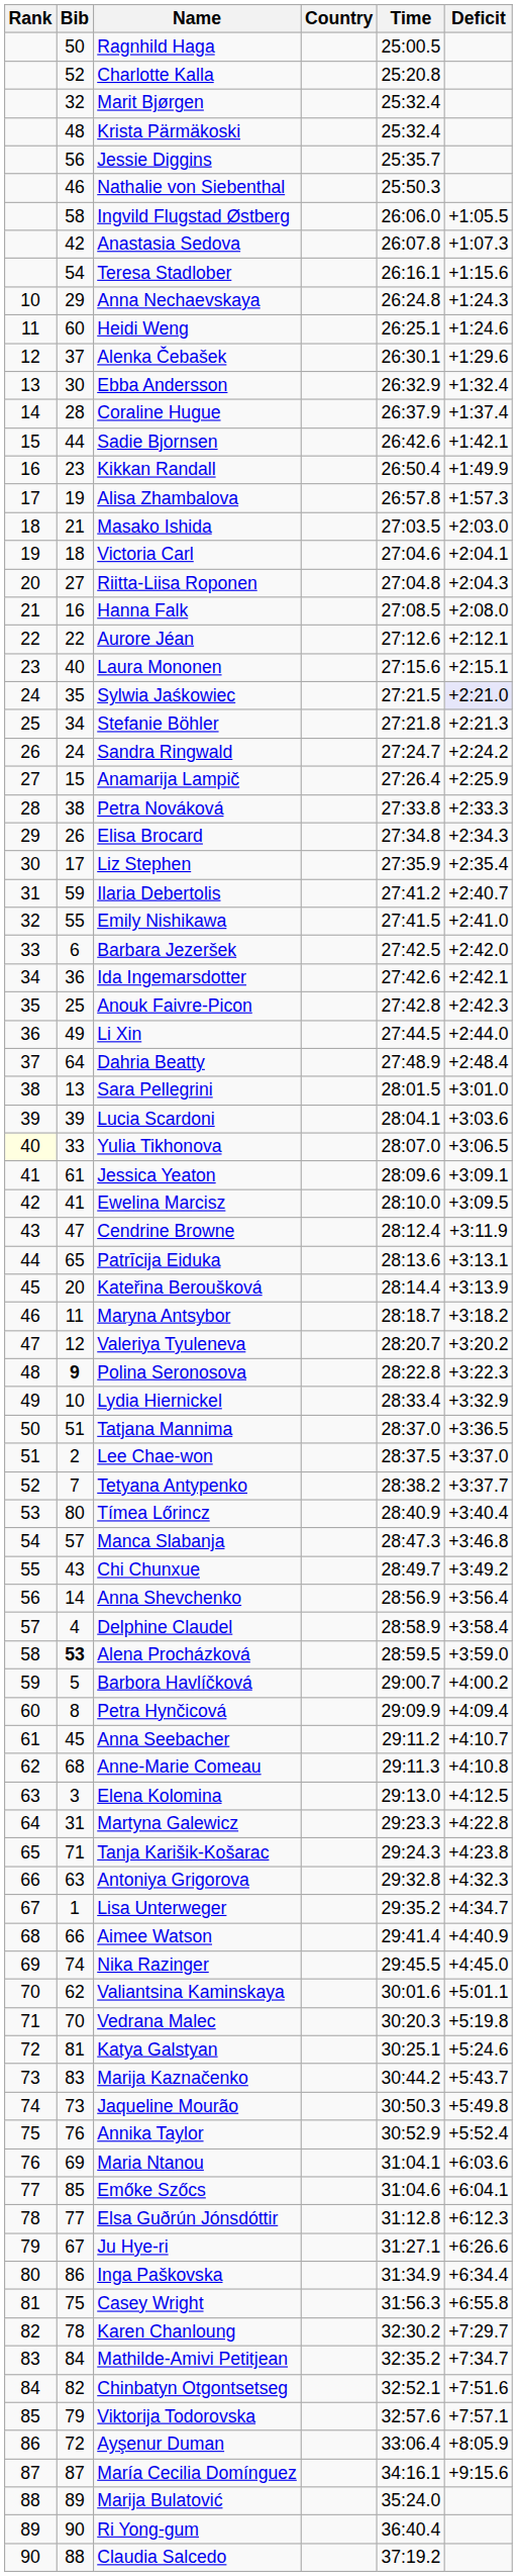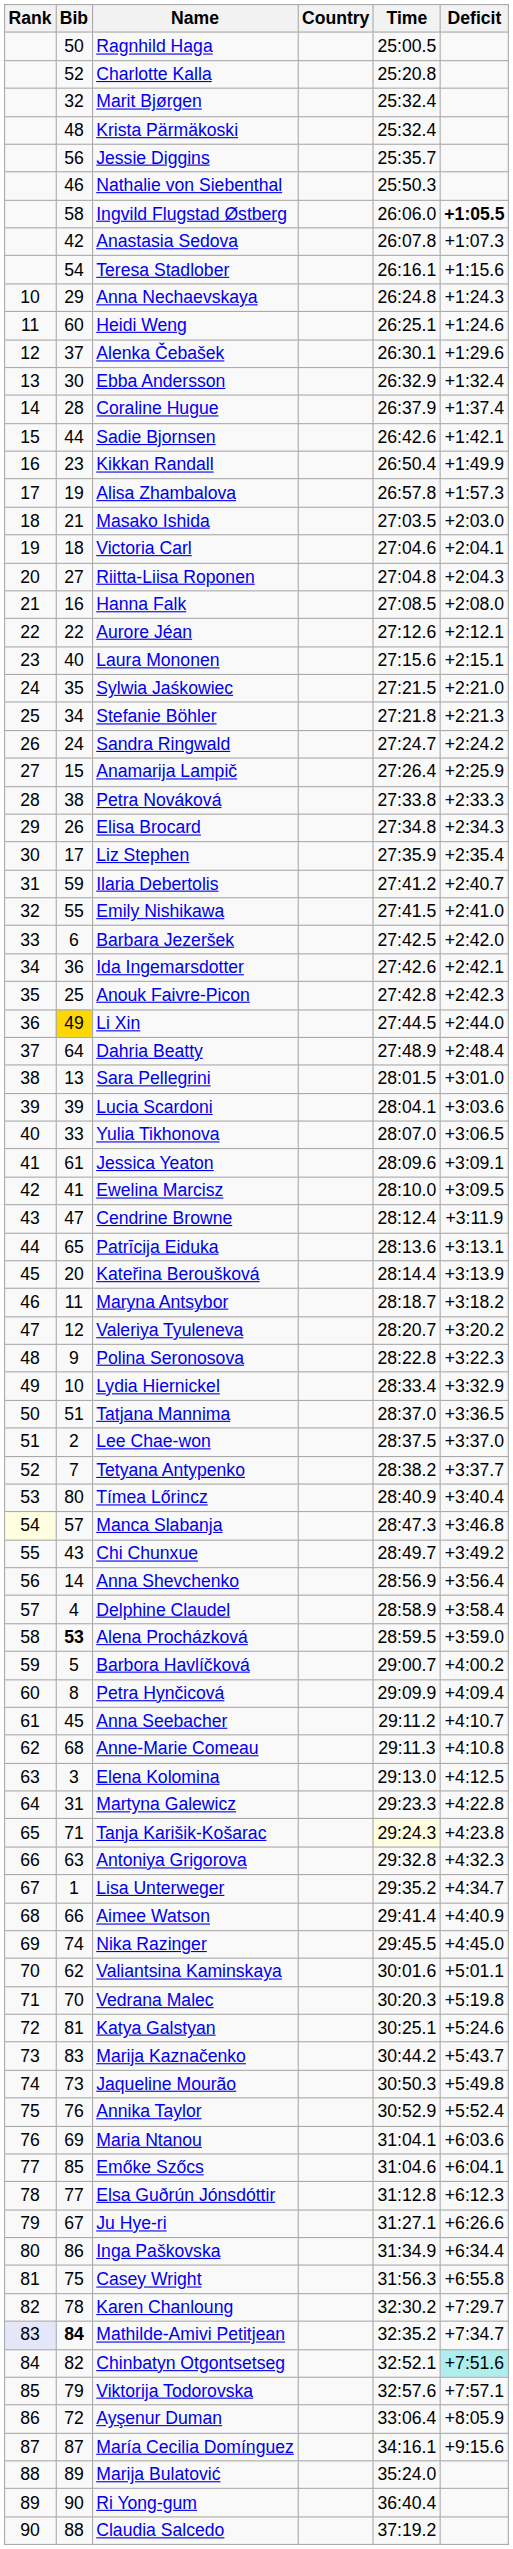 <table class="wikitable sortable" style="text-align:center">
 <tr>
 <th>Rank</th>
 <th>Bib</th>
 <th>Name</th>
 <th>Country</th>
 <th>Time</th>
 <th>Deficit</th>
 </tr>
 <tr>
 <td></td>
 <td>50</td>
 <td align="left"><a href='#'>Ragnhild Haga</a></td>
 <td align="left"></td>
 <td>25:00.5</td>
 <td></td>
 </tr>
 <tr>
 <td></td>
 <td>52</td>
 <td align="left"><a href='#'>Charlotte Kalla</a></td>
 <td align="left"></td>
 <td>25:20.8</td>
 <td></td>
 </tr>
 <tr>
 <td></td>
 <td>32</td>
 <td align="left"><a href='#'>Marit Bjørgen</a></td>
 <td align="left"></td>
 <td>25:32.4</td>
 <td></td>
 </tr>
 <tr>
 <td></td>
 <td>48</td>
 <td align="left"><a href='#'>Krista Pärmäkoski</a></td>
 <td align="left"></td>
 <td>25:32.4</td>
 <td></td>
 </tr>
 <tr>
 <td></td>
 <td>56</td>
 <td align="left"><a href='#'>Jessie Diggins</a></td>
 <td align="left"></td>
 <td>25:35.7</td>
 <td></td>
 </tr>
 <tr>
 <td></td>
 <td>46</td>
 <td align="left"><a href='#'>Nathalie von Siebenthal</a></td>
 <td align="left"></td>
 <td>25:50.3</td>
 <td></td>
 </tr>
 <tr>
 <td></td>
 <td>58</td>
 <td align="left"><a href='#'>Ingvild Flugstad Østberg</a></td>
 <td align="left"></td>
 <td>26:06.0</td>
-<td>+1:05.5</td>
+<td><strong>+1:05.5</strong></td>
 </tr>
 <tr>
 <td></td>
 <td>42</td>
 <td align="left"><a href='#'>Anastasia Sedova</a></td>
 <td align="left"></td>
 <td>26:07.8</td>
 <td>+1:07.3</td>
 </tr>
 <tr>
 <td></td>
 <td>54</td>
 <td align="left"><a href='#'>Teresa Stadlober</a></td>
 <td align="left"></td>
 <td>26:16.1</td>
 <td>+1:15.6</td>
 </tr>
 <tr>
 <td>10</td>
 <td>29</td>
 <td align="left"><a href='#'>Anna Nechaevskaya</a></td>
 <td align="left"></td>
 <td>26:24.8</td>
 <td>+1:24.3</td>
 </tr>
 <tr>
 <td>11</td>
 <td>60</td>
 <td align="left"><a href='#'>Heidi Weng</a></td>
 <td align="left"></td>
 <td>26:25.1</td>
 <td>+1:24.6</td>
 </tr>
 <tr>
 <td>12</td>
 <td>37</td>
 <td align="left"><a href='#'>Alenka Čebašek</a></td>
 <td align="left"></td>
 <td>26:30.1</td>
 <td>+1:29.6</td>
 </tr>
 <tr>
 <td>13</td>
 <td>30</td>
 <td align="left"><a href='#'>Ebba Andersson</a></td>
 <td align="left"></td>
 <td>26:32.9</td>
 <td>+1:32.4</td>
 </tr>
 <tr>
 <td>14</td>
 <td>28</td>
 <td align="left"><a href='#'>Coraline Hugue</a></td>
 <td align="left"></td>
 <td>26:37.9</td>
 <td>+1:37.4</td>
 </tr>
 <tr>
 <td>15</td>
 <td>44</td>
 <td align="left"><a href='#'>Sadie Bjornsen</a></td>
 <td align="left"></td>
 <td>26:42.6</td>
 <td>+1:42.1</td>
 </tr>
 <tr>
 <td>16</td>
 <td>23</td>
 <td align="left"><a href='#'>Kikkan Randall</a></td>
 <td align="left"></td>
 <td>26:50.4</td>
 <td>+1:49.9</td>
 </tr>
 <tr>
 <td>17</td>
 <td>19</td>
 <td align="left"><a href='#'>Alisa Zhambalova</a></td>
 <td align="left"></td>
 <td>26:57.8</td>
 <td>+1:57.3</td>
 </tr>
 <tr>
 <td>18</td>
 <td>21</td>
 <td align="left"><a href='#'>Masako Ishida</a></td>
 <td align="left"></td>
 <td>27:03.5</td>
 <td>+2:03.0</td>
 </tr>
 <tr>
 <td>19</td>
 <td>18</td>
 <td align="left"><a href='#'>Victoria Carl</a></td>
 <td align="left"></td>
 <td>27:04.6</td>
 <td>+2:04.1</td>
 </tr>
 <tr>
 <td>20</td>
 <td>27</td>
 <td align="left"><a href='#'>Riitta-Liisa Roponen</a></td>
 <td align="left"></td>
 <td>27:04.8</td>
 <td>+2:04.3</td>
 </tr>
 <tr>
 <td>21</td>
 <td>16</td>
 <td align="left"><a href='#'>Hanna Falk</a></td>
 <td align="left"></td>
 <td>27:08.5</td>
 <td>+2:08.0</td>
 </tr>
 <tr>
 <td>22</td>
 <td>22</td>
 <td align="left"><a href='#'>Aurore Jéan</a></td>
 <td align="left"></td>
 <td>27:12.6</td>
 <td>+2:12.1</td>
 </tr>
 <tr>
 <td>23</td>
 <td>40</td>
 <td align="left"><a href='#'>Laura Mononen</a></td>
 <td align="left"></td>
 <td>27:15.6</td>
 <td>+2:15.1</td>
 </tr>
 <tr>
 <td>24</td>
 <td>35</td>
 <td align="left"><a href='#'>Sylwia Jaśkowiec</a></td>
 <td align="left"></td>
 <td>27:21.5</td>
-<td style="background: lavender;">+2:21.0</td>
+<td>+2:21.0</td>
 </tr>
 <tr>
 <td>25</td>
 <td>34</td>
 <td align="left"><a href='#'>Stefanie Böhler</a></td>
 <td align="left"></td>
 <td>27:21.8</td>
 <td>+2:21.3</td>
 </tr>
 <tr>
 <td>26</td>
 <td>24</td>
 <td align="left"><a href='#'>Sandra Ringwald</a></td>
 <td align="left"></td>
 <td>27:24.7</td>
 <td>+2:24.2</td>
 </tr>
 <tr>
 <td>27</td>
 <td>15</td>
 <td align="left"><a href='#'>Anamarija Lampič</a></td>
 <td align="left"></td>
 <td>27:26.4</td>
 <td>+2:25.9</td>
 </tr>
 <tr>
 <td>28</td>
 <td>38</td>
 <td align="left"><a href='#'>Petra Nováková</a></td>
 <td align="left"></td>
 <td>27:33.8</td>
 <td>+2:33.3</td>
 </tr>
 <tr>
 <td>29</td>
 <td>26</td>
 <td align="left"><a href='#'>Elisa Brocard</a></td>
 <td align="left"></td>
 <td>27:34.8</td>
 <td>+2:34.3</td>
 </tr>
 <tr>
 <td>30</td>
 <td>17</td>
 <td align="left"><a href='#'>Liz Stephen</a></td>
 <td align="left"></td>
 <td>27:35.9</td>
 <td>+2:35.4</td>
 </tr>
 <tr>
 <td>31</td>
 <td>59</td>
 <td align="left"><a href='#'>Ilaria Debertolis</a></td>
 <td align="left"></td>
 <td>27:41.2</td>
 <td>+2:40.7</td>
 </tr>
 <tr>
 <td>32</td>
 <td>55</td>
 <td align="left"><a href='#'>Emily Nishikawa</a></td>
 <td align="left"></td>
 <td>27:41.5</td>
 <td>+2:41.0</td>
 </tr>
 <tr>
 <td>33</td>
 <td>6</td>
 <td align="left"><a href='#'>Barbara Jezeršek</a></td>
 <td align="left"></td>
 <td>27:42.5</td>
 <td>+2:42.0</td>
 </tr>
 <tr>
 <td>34</td>
 <td>36</td>
 <td align="left"><a href='#'>Ida Ingemarsdotter</a></td>
 <td align="left"></td>
 <td>27:42.6</td>
 <td>+2:42.1</td>
 </tr>
 <tr>
 <td>35</td>
 <td>25</td>
 <td align="left"><a href='#'>Anouk Faivre-Picon</a></td>
 <td align="left"></td>
 <td>27:42.8</td>
 <td>+2:42.3</td>
 </tr>
 <tr>
 <td>36</td>
-<td>49</td>
+<td style="background: gold;">49</td>
 <td align="left"><a href='#'>Li Xin</a></td>
 <td align="left"></td>
 <td>27:44.5</td>
 <td>+2:44.0</td>
 </tr>
 <tr>
 <td>37</td>
 <td>64</td>
 <td align="left"><a href='#'>Dahria Beatty</a></td>
 <td align="left"></td>
 <td>27:48.9</td>
 <td>+2:48.4</td>
 </tr>
 <tr>
 <td>38</td>
 <td>13</td>
 <td align="left"><a href='#'>Sara Pellegrini</a></td>
 <td align="left"></td>
 <td>28:01.5</td>
 <td>+3:01.0</td>
 </tr>
 <tr>
 <td>39</td>
 <td>39</td>
 <td align="left"><a href='#'>Lucia Scardoni</a></td>
 <td align="left"></td>
 <td>28:04.1</td>
 <td>+3:03.6</td>
 </tr>
 <tr>
-<td style="background: lightyellow;">40</td>
+<td>40</td>
 <td>33</td>
 <td align="left"><a href='#'>Yulia Tikhonova</a></td>
 <td align="left"></td>
 <td>28:07.0</td>
 <td>+3:06.5</td>
 </tr>
 <tr>
 <td>41</td>
 <td>61</td>
 <td align="left"><a href='#'>Jessica Yeaton</a></td>
 <td align="left"></td>
 <td>28:09.6</td>
 <td>+3:09.1</td>
 </tr>
 <tr>
 <td>42</td>
 <td>41</td>
 <td align="left"><a href='#'>Ewelina Marcisz</a></td>
 <td align="left"></td>
 <td>28:10.0</td>
 <td>+3:09.5</td>
 </tr>
 <tr>
 <td>43</td>
 <td>47</td>
 <td align="left"><a href='#'>Cendrine Browne</a></td>
 <td align="left"></td>
 <td>28:12.4</td>
 <td>+3:11.9</td>
 </tr>
 <tr>
 <td>44</td>
 <td>65</td>
 <td align="left"><a href='#'>Patrīcija Eiduka</a></td>
 <td align="left"></td>
 <td>28:13.6</td>
 <td>+3:13.1</td>
 </tr>
 <tr>
 <td>45</td>
 <td>20</td>
 <td align="left"><a href='#'>Kateřina Beroušková</a></td>
 <td align="left"></td>
 <td>28:14.4</td>
 <td>+3:13.9</td>
 </tr>
 <tr>
 <td>46</td>
 <td>11</td>
 <td align="left"><a href='#'>Maryna Antsybor</a></td>
 <td align="left"></td>
 <td>28:18.7</td>
 <td>+3:18.2</td>
 </tr>
 <tr>
 <td>47</td>
 <td>12</td>
 <td align="left"><a href='#'>Valeriya Tyuleneva</a></td>
 <td align="left"></td>
 <td>28:20.7</td>
 <td>+3:20.2</td>
 </tr>
 <tr>
 <td>48</td>
-<td><strong>9</strong></td>
+<td>9</td>
 <td align="left"><a href='#'>Polina Seronosova</a></td>
 <td align="left"></td>
 <td>28:22.8</td>
 <td>+3:22.3</td>
 </tr>
 <tr>
 <td>49</td>
 <td>10</td>
 <td align="left"><a href='#'>Lydia Hiernickel</a></td>
 <td align="left"></td>
 <td>28:33.4</td>
 <td>+3:32.9</td>
 </tr>
 <tr>
 <td>50</td>
 <td>51</td>
 <td align="left"><a href='#'>Tatjana Mannima</a></td>
 <td align="left"></td>
 <td>28:37.0</td>
 <td>+3:36.5</td>
 </tr>
 <tr>
 <td>51</td>
 <td>2</td>
 <td align="left"><a href='#'>Lee Chae-won</a></td>
 <td align="left"></td>
 <td>28:37.5</td>
 <td>+3:37.0</td>
 </tr>
 <tr>
 <td>52</td>
 <td>7</td>
 <td align="left"><a href='#'>Tetyana Antypenko</a></td>
 <td align="left"></td>
 <td>28:38.2</td>
 <td>+3:37.7</td>
 </tr>
 <tr>
 <td>53</td>
 <td>80</td>
 <td align="left"><a href='#'>Tímea Lőrincz</a></td>
 <td align="left"></td>
 <td>28:40.9</td>
 <td>+3:40.4</td>
 </tr>
 <tr>
-<td>54</td>
+<td style="background: lightyellow;">54</td>
 <td>57</td>
 <td align="left"><a href='#'>Manca Slabanja</a></td>
 <td align="left"></td>
 <td>28:47.3</td>
 <td>+3:46.8</td>
 </tr>
 <tr>
 <td>55</td>
 <td>43</td>
 <td align="left"><a href='#'>Chi Chunxue</a></td>
 <td align="left"></td>
 <td>28:49.7</td>
 <td>+3:49.2</td>
 </tr>
 <tr>
 <td>56</td>
 <td>14</td>
 <td align="left"><a href='#'>Anna Shevchenko</a></td>
 <td align="left"></td>
 <td>28:56.9</td>
 <td>+3:56.4</td>
 </tr>
 <tr>
 <td>57</td>
 <td>4</td>
 <td align="left"><a href='#'>Delphine Claudel</a></td>
 <td align="left"></td>
 <td>28:58.9</td>
 <td>+3:58.4</td>
 </tr>
 <tr>
 <td>58</td>
 <td><strong>53</strong></td>
 <td align="left"><a href='#'>Alena Procházková</a></td>
 <td align="left"></td>
 <td>28:59.5</td>
 <td>+3:59.0</td>
 </tr>
 <tr>
 <td>59</td>
 <td>5</td>
 <td align="left"><a href='#'>Barbora Havlíčková</a></td>
 <td align="left"></td>
 <td>29:00.7</td>
 <td>+4:00.2</td>
 </tr>
 <tr>
 <td>60</td>
 <td>8</td>
 <td align="left"><a href='#'>Petra Hynčicová</a></td>
 <td align="left"></td>
 <td>29:09.9</td>
 <td>+4:09.4</td>
 </tr>
 <tr>
 <td>61</td>
 <td>45</td>
 <td align="left"><a href='#'>Anna Seebacher</a></td>
 <td align="left"></td>
 <td>29:11.2</td>
 <td>+4:10.7</td>
 </tr>
 <tr>
 <td>62</td>
 <td>68</td>
 <td align="left"><a href='#'>Anne-Marie Comeau</a></td>
 <td align="left"></td>
 <td>29:11.3</td>
 <td>+4:10.8</td>
 </tr>
 <tr>
 <td>63</td>
 <td>3</td>
 <td align="left"><a href='#'>Elena Kolomina</a></td>
 <td align="left"></td>
 <td>29:13.0</td>
 <td>+4:12.5</td>
 </tr>
 <tr>
 <td>64</td>
 <td>31</td>
 <td align="left"><a href='#'>Martyna Galewicz</a></td>
 <td align="left"></td>
 <td>29:23.3</td>
 <td>+4:22.8</td>
 </tr>
 <tr>
 <td>65</td>
 <td>71</td>
 <td align="left"><a href='#'>Tanja Karišik-Košarac</a></td>
 <td align="left"></td>
-<td>29:24.3</td>
+<td style="background: lightyellow;">29:24.3</td>
 <td>+4:23.8</td>
 </tr>
 <tr>
 <td>66</td>
 <td>63</td>
 <td align="left"><a href='#'>Antoniya Grigorova</a></td>
 <td align="left"></td>
 <td>29:32.8</td>
 <td>+4:32.3</td>
 </tr>
 <tr>
 <td>67</td>
 <td>1</td>
 <td align="left"><a href='#'>Lisa Unterweger</a></td>
 <td align="left"></td>
 <td>29:35.2</td>
 <td>+4:34.7</td>
 </tr>
 <tr>
 <td>68</td>
 <td>66</td>
 <td align="left"><a href='#'>Aimee Watson</a></td>
 <td align="left"></td>
 <td>29:41.4</td>
 <td>+4:40.9</td>
 </tr>
 <tr>
 <td>69</td>
 <td>74</td>
 <td align="left"><a href='#'>Nika Razinger</a></td>
 <td align="left"></td>
 <td>29:45.5</td>
 <td>+4:45.0</td>
 </tr>
 <tr>
 <td>70</td>
 <td>62</td>
 <td align="left"><a href='#'>Valiantsina Kaminskaya</a></td>
 <td align="left"></td>
 <td>30:01.6</td>
 <td>+5:01.1</td>
 </tr>
 <tr>
 <td>71</td>
 <td>70</td>
 <td align="left"><a href='#'>Vedrana Malec</a></td>
 <td align="left"></td>
 <td>30:20.3</td>
 <td>+5:19.8</td>
 </tr>
 <tr>
 <td>72</td>
 <td>81</td>
 <td align="left"><a href='#'>Katya Galstyan</a></td>
 <td align="left"></td>
 <td>30:25.1</td>
 <td>+5:24.6</td>
 </tr>
 <tr>
 <td>73</td>
 <td>83</td>
 <td align="left"><a href='#'>Marija Kaznačenko</a></td>
 <td align="left"></td>
 <td>30:44.2</td>
 <td>+5:43.7</td>
 </tr>
 <tr>
 <td>74</td>
 <td>73</td>
 <td align="left"><a href='#'>Jaqueline Mourão</a></td>
 <td align="left"></td>
 <td>30:50.3</td>
 <td>+5:49.8</td>
 </tr>
 <tr>
 <td>75</td>
 <td>76</td>
 <td align="left"><a href='#'>Annika Taylor</a></td>
 <td align="left"></td>
 <td>30:52.9</td>
 <td>+5:52.4</td>
 </tr>
 <tr>
 <td>76</td>
 <td>69</td>
 <td align="left"><a href='#'>Maria Ntanou</a></td>
 <td align="left"></td>
 <td>31:04.1</td>
 <td>+6:03.6</td>
 </tr>
 <tr>
 <td>77</td>
 <td>85</td>
 <td align="left"><a href='#'>Emőke Szőcs</a></td>
 <td align="left"></td>
 <td>31:04.6</td>
 <td>+6:04.1</td>
 </tr>
 <tr>
 <td>78</td>
 <td>77</td>
 <td align="left"><a href='#'>Elsa Guðrún Jónsdóttir</a></td>
 <td align="left"></td>
 <td>31:12.8</td>
 <td>+6:12.3</td>
 </tr>
 <tr>
 <td>79</td>
 <td>67</td>
 <td align="left"><a href='#'>Ju Hye-ri</a></td>
 <td align="left"></td>
 <td>31:27.1</td>
 <td>+6:26.6</td>
 </tr>
 <tr>
 <td>80</td>
 <td>86</td>
 <td align="left"><a href='#'>Inga Paškovska</a></td>
 <td align="left"></td>
 <td>31:34.9</td>
 <td>+6:34.4</td>
 </tr>
 <tr>
 <td>81</td>
 <td>75</td>
 <td align="left"><a href='#'>Casey Wright</a></td>
 <td align="left"></td>
 <td>31:56.3</td>
 <td>+6:55.8</td>
 </tr>
 <tr>
 <td>82</td>
 <td>78</td>
 <td align="left"><a href='#'>Karen Chanloung</a></td>
 <td align="left"></td>
 <td>32:30.2</td>
 <td>+7:29.7</td>
 </tr>
 <tr>
-<td>83</td>
-<td>84</td>
+<td style="background: lavender;">83</td>
+<td><strong>84</strong></td>
 <td align="left"><a href='#'>Mathilde-Amivi Petitjean</a></td>
 <td align="left"></td>
 <td>32:35.2</td>
 <td>+7:34.7</td>
 </tr>
 <tr>
 <td>84</td>
 <td>82</td>
 <td align="left"><a href='#'>Chinbatyn Otgontsetseg</a></td>
 <td align="left"></td>
 <td>32:52.1</td>
-<td>+7:51.6</td>
+<td style="background: paleturquoise;">+7:51.6</td>
 </tr>
 <tr>
 <td>85</td>
 <td>79</td>
 <td align="left"><a href='#'>Viktorija Todorovska</a></td>
 <td align="left"></td>
 <td>32:57.6</td>
 <td>+7:57.1</td>
 </tr>
 <tr>
 <td>86</td>
 <td>72</td>
 <td align="left"><a href='#'>Ayşenur Duman</a></td>
 <td align="left"></td>
 <td>33:06.4</td>
 <td>+8:05.9</td>
 </tr>
 <tr>
 <td>87</td>
 <td>87</td>
 <td align="left"><a href='#'>María Cecilia Domínguez</a></td>
 <td align="left"></td>
 <td>34:16.1</td>
 <td>+9:15.6</td>
 </tr>
 <tr>
 <td>88</td>
 <td>89</td>
 <td align="left"><a href='#'>Marija Bulatović</a></td>
 <td align="left"></td>
 <td>35:24.0</td>
 <td></td>
 </tr>
 <tr>
 <td>89</td>
 <td>90</td>
 <td align="left"><a href='#'>Ri Yong-gum</a></td>
 <td align="left"></td>
 <td>36:40.4</td>
 <td></td>
 </tr>
 <tr>
 <td>90</td>
 <td>88</td>
 <td align="left"><a href='#'>Claudia Salcedo</a></td>
 <td align="left"></td>
 <td>37:19.2</td>
 <td></td>
 </tr>
 </table>
